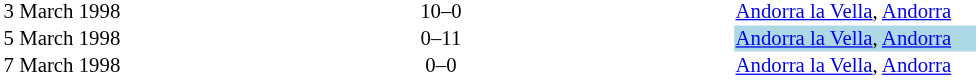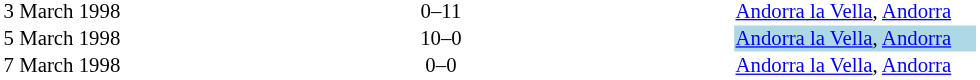 <table cellspacing=1 width=85%>
 <tr>
 <th width=15%></th>
 <th width=25%></th>
 <th width=10%></th>
 <th width=25%></th>
 <th width=25%></th>
 </tr>
 <tr>
 <td>3 March 1998</td>
 <td align=right></td>
-<td align=center>10–0</td>
+<td align=center>0–11</td>
 <td></td>
 <td><a href='#'>Andorra la Vella</a>, <a href='#'>Andorra</a></td>
 </tr>
 <tr>
 <td>5 March 1998</td>
 <td align=right></td>
-<td align=center>0–11</td>
+<td align=center>10–0</td>
 <td></td>
 <td style="background: lightblue;"><a href='#'>Andorra la Vella</a>, <a href='#'>Andorra</a></td>
 </tr>
 <tr>
 <td>7 March 1998</td>
 <td align=right></td>
 <td align=center>0–0</td>
 <td></td>
 <td><a href='#'>Andorra la Vella</a>, <a href='#'>Andorra</a></td>
 </tr>
 </table>
